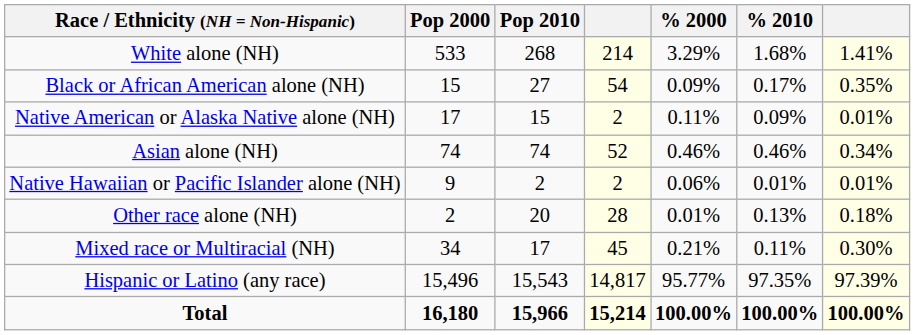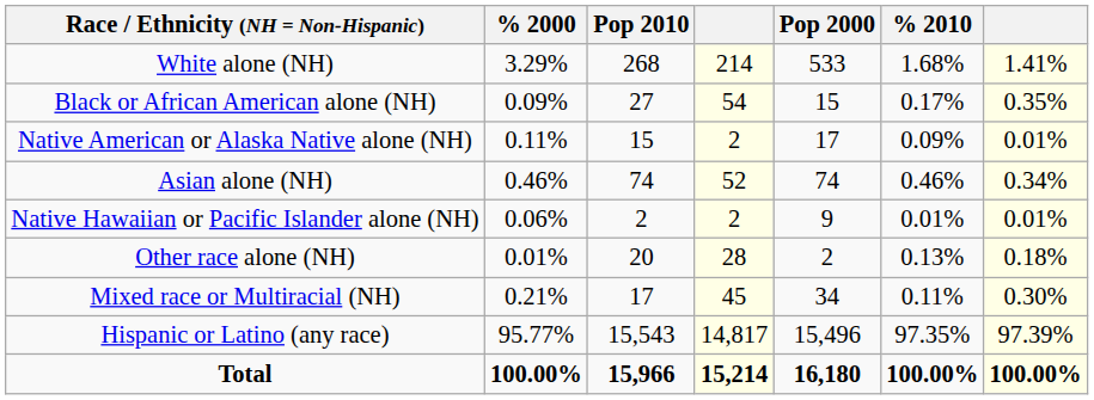 <table class="wikitable" style="text-align:center;">
 <tr>
 <th>Race / Ethnicity <small>(<em>NH = Non-Hispanic</em>)</small></th>
-<th>Pop 2000</th>
+<th>% 2000</th>
 <th>Pop 2010</th>
 <th></th>
-<th>% 2000</th>
+<th>Pop 2000</th>
 <th>% 2010</th>
 <th></th>
 </tr>
 <tr>
 <td><a href='#'>White</a> alone (NH)</td>
-<td>533</td>
+<td>3.29%</td>
 <td>268</td>
 <td style='background: #ffffe6;'>214</td>
-<td>3.29%</td>
+<td>533</td>
 <td>1.68%</td>
 <td style='background: #ffffe6;'>1.41%</td>
 </tr>
 <tr>
 <td><a href='#'>Black or African American</a> alone (NH)</td>
-<td>15</td>
+<td>0.09%</td>
 <td>27</td>
 <td style='background: #ffffe6;'>54</td>
-<td>0.09%</td>
+<td>15</td>
 <td>0.17%</td>
 <td style='background: #ffffe6;'>0.35%</td>
 </tr>
 <tr>
 <td><a href='#'>Native American</a> or <a href='#'>Alaska Native</a> alone (NH)</td>
-<td>17</td>
+<td>0.11%</td>
 <td>15</td>
 <td style='background: #ffffe6;'>2</td>
-<td>0.11%</td>
+<td>17</td>
 <td>0.09%</td>
 <td style='background: #ffffe6;'>0.01%</td>
 </tr>
 <tr>
 <td><a href='#'>Asian</a> alone (NH)</td>
-<td>74</td>
+<td>0.46%</td>
 <td>74</td>
 <td style='background: #ffffe6;'>52</td>
-<td>0.46%</td>
+<td>74</td>
 <td>0.46%</td>
 <td style='background: #ffffe6;'>0.34%</td>
 </tr>
 <tr>
 <td><a href='#'>Native Hawaiian</a> or <a href='#'>Pacific Islander</a> alone (NH)</td>
-<td>9</td>
+<td>0.06%</td>
 <td>2</td>
 <td style='background: #ffffe6;'>2</td>
-<td>0.06%</td>
+<td>9</td>
 <td>0.01%</td>
 <td style='background: #ffffe6;'>0.01%</td>
 </tr>
 <tr>
 <td><a href='#'>Other race</a> alone (NH)</td>
-<td>2</td>
+<td>0.01%</td>
 <td>20</td>
 <td style='background: #ffffe6;'>28</td>
-<td>0.01%</td>
+<td>2</td>
 <td>0.13%</td>
 <td style='background: #ffffe6;'>0.18%</td>
 </tr>
 <tr>
 <td><a href='#'>Mixed race or Multiracial</a> (NH)</td>
-<td>34</td>
+<td>0.21%</td>
 <td>17</td>
 <td style='background: #ffffe6;'>45</td>
-<td>0.21%</td>
+<td>34</td>
 <td>0.11%</td>
 <td style='background: #ffffe6;'>0.30%</td>
 </tr>
 <tr>
 <td><a href='#'>Hispanic or Latino</a> (any race)</td>
-<td>15,496</td>
+<td>95.77%</td>
 <td>15,543</td>
 <td style='background: #ffffe6;'>14,817</td>
-<td>95.77%</td>
+<td>15,496</td>
 <td>97.35%</td>
 <td style='background: #ffffe6;'>97.39%</td>
 </tr>
 <tr>
 <td><strong>Total</strong></td>
-<td><strong>16,180</strong></td>
+<td><strong>100.00%</strong></td>
 <td><strong>15,966</strong></td>
 <td style='background: #ffffe6;'><strong>15,214</strong></td>
-<td><strong>100.00%</strong></td>
+<td><strong>16,180</strong></td>
 <td><strong>100.00%</strong></td>
 <td style='background: #ffffe6;'><strong>100.00%</strong></td>
 </tr>
 </table>
